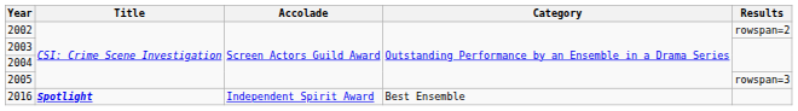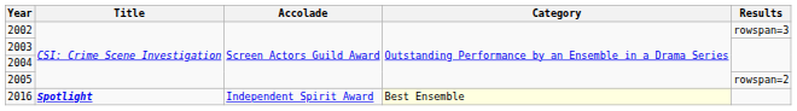 <table class="wikitable">
 <tr>
 <th>Year</th>
 <th>Title</th>
 <th>Accolade</th>
 <th>Category</th>
 <th>Results</th>
 </tr>
 <tr>
 <td>2002</td>
 <td rowspan=4><em><a href='#'>CSI: Crime Scene Investigation</a></em></td>
 <td rowspan=4><a href='#'>Screen Actors Guild Award</a></td>
 <td rowspan=4><a href='#'>Outstanding Performance by an Ensemble in a Drama Series</a></td>
-<td>rowspan=2 </td>
+<td>rowspan=3 </td>
 </tr>
 <tr>
 <td>2003</td>
 </tr>
 <tr>
 <td>2004</td>
 </tr>
 <tr>
 <td>2005</td>
-<td>rowspan=3 </td>
+<td>rowspan=2 </td>
 </tr>
 <tr>
 <td>2016</td>
 <td><strong><em><a href='#'>Spotlight</a></em></strong></td>
 <td><a href='#'>Independent Spirit Award</a></td>
-<td>Best Ensemble</td>
+<td style="background: lightyellow;">Best Ensemble</td>
 </tr>
 </table>
